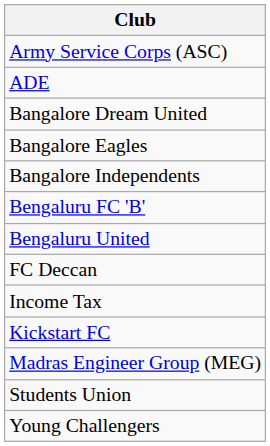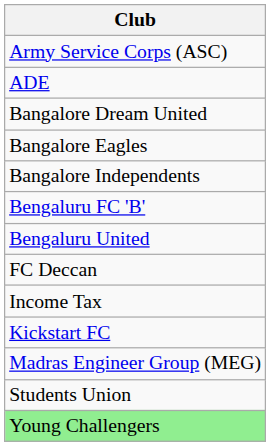 <table class="wikitable" style="text-align:center;">
 <tr>
 <th>Club</th>
 </tr>
 <tr>
 <td style="text-align:left;"><a href='#'>Army Service Corps</a> (ASC)</td>
 </tr>
 <tr>
 <td style="text-align:left;"><a href='#'>ADE</a></td>
 </tr>
 <tr>
 <td style="text-align:left;">Bangalore Dream United</td>
 </tr>
 <tr>
 <td style="text-align:left;">Bangalore Eagles</td>
 </tr>
 <tr>
 <td style="text-align:left;">Bangalore Independents</td>
 </tr>
 <tr>
 <td style="text-align:left;"><a href='#'>Bengaluru FC 'B'</a></td>
 </tr>
 <tr>
 <td style="text-align:left;"><a href='#'>Bengaluru United</a></td>
 </tr>
 <tr>
 <td style="text-align:left;">FC Deccan</td>
 </tr>
 <tr>
 <td style="text-align:left;">Income Tax</td>
 </tr>
 <tr>
 <td style="text-align:left;"><a href='#'>Kickstart FC</a></td>
 </tr>
 <tr>
 <td style="text-align:left;"><a href='#'>Madras Engineer Group</a> (MEG)</td>
 </tr>
 <tr>
 <td style="text-align:left;">Students Union</td>
 </tr>
 <tr>
-<td style="text-align:left;">Young Challengers</td>
+<td style="background: lightgreen; text-align:left;">Young Challengers</td>
 </tr>
 </table>
